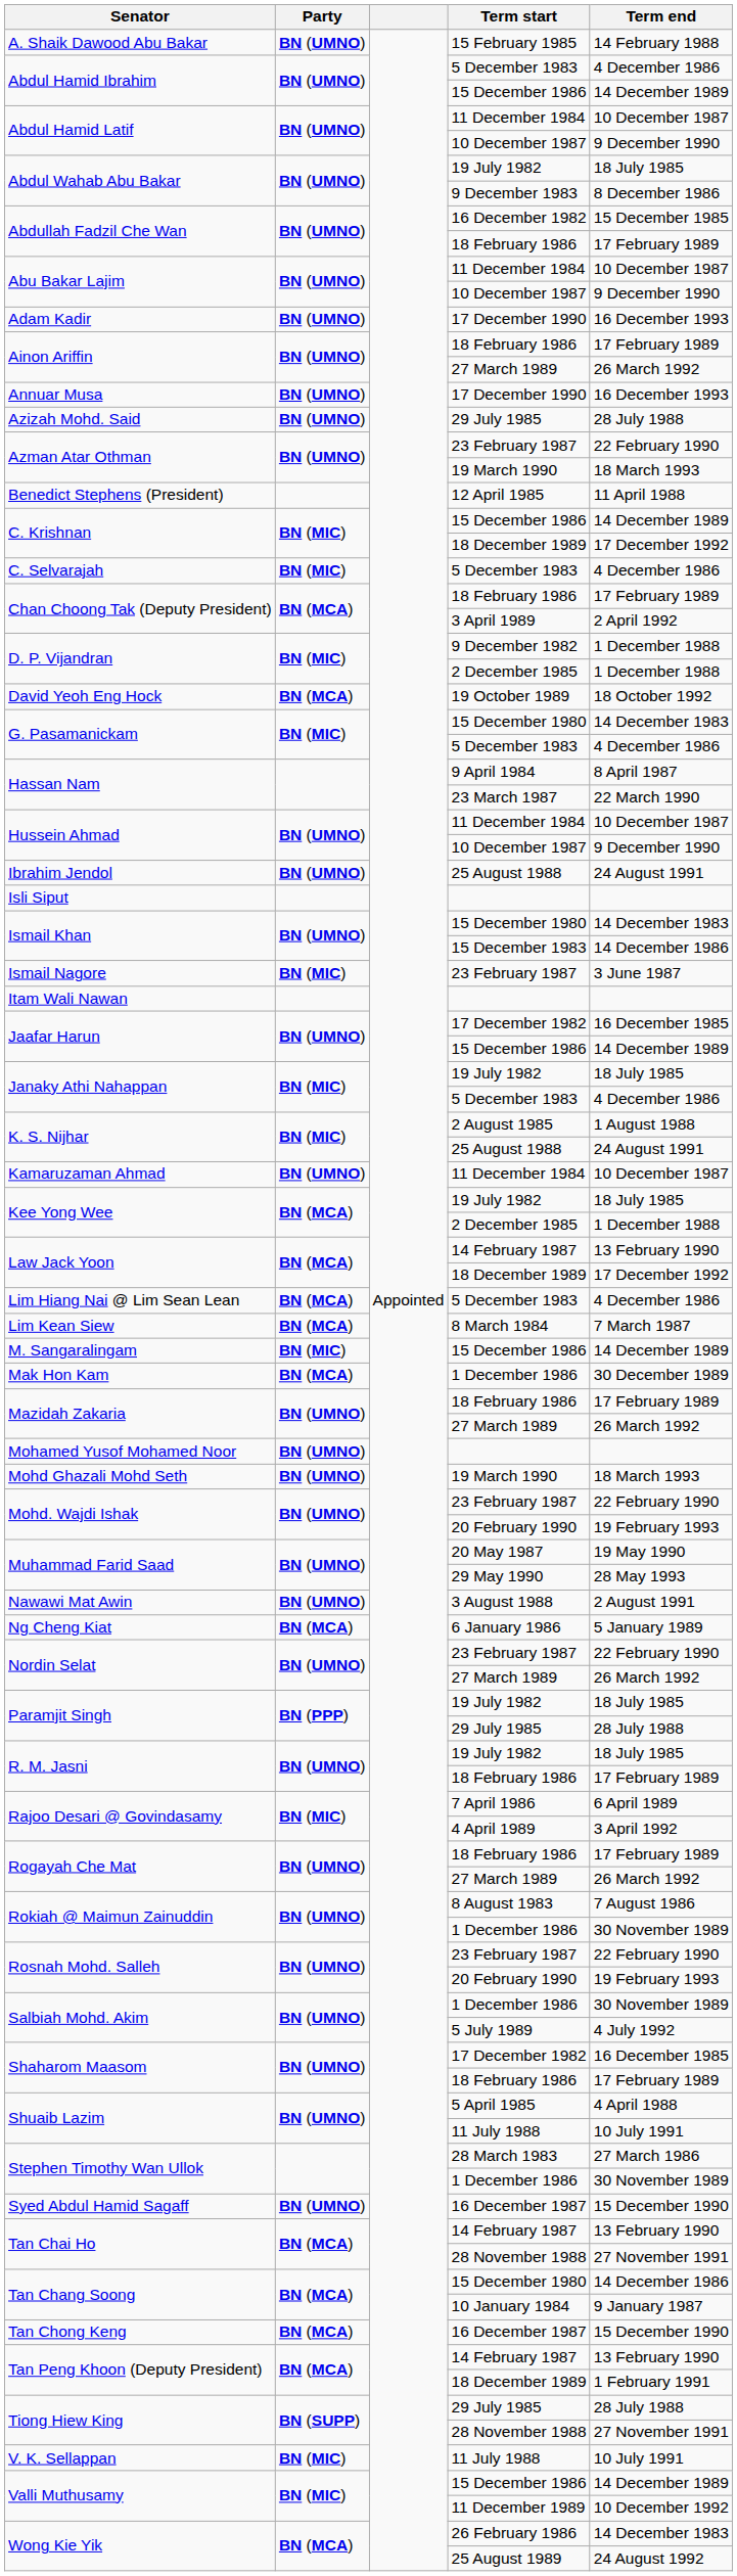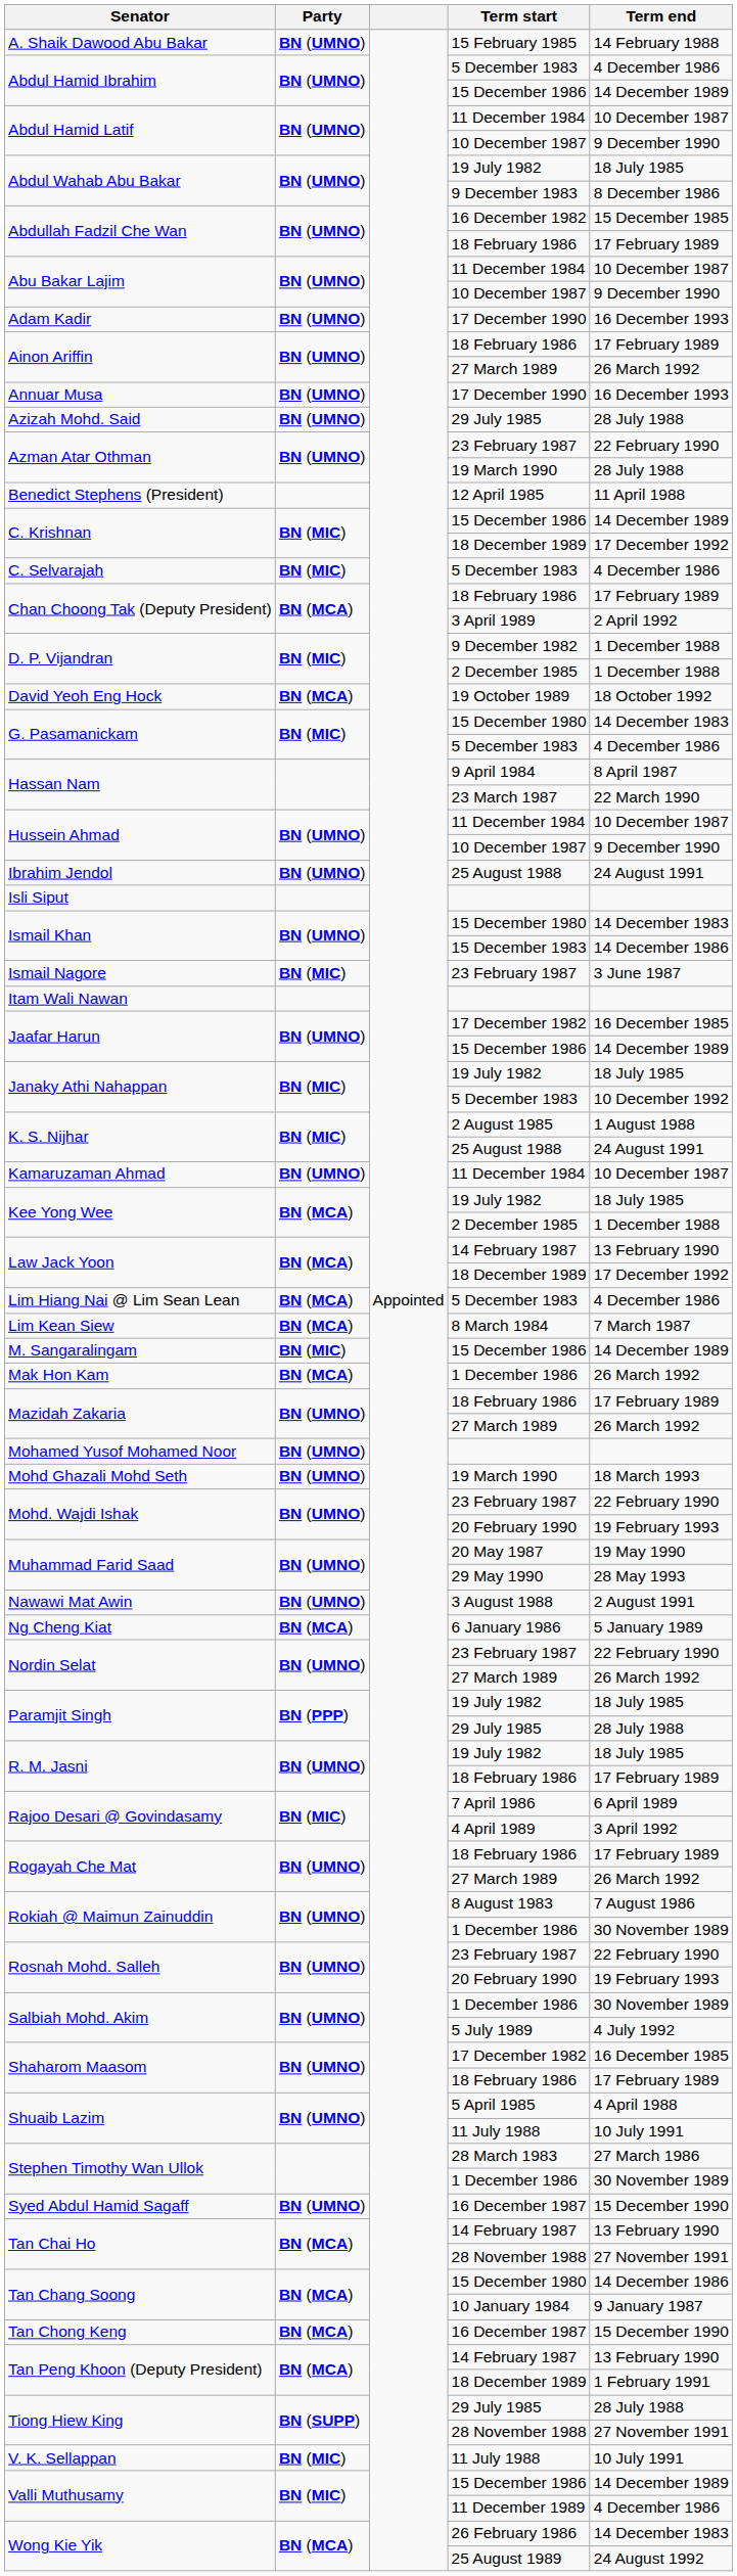 <table class="wikitable sortable">
 <tr>
 <th>Senator</th>
 <th>Party</th>
 <th></th>
 <th>Term start</th>
 <th>Term end</th>
 </tr>
 <tr>
 <td><a href='#'>A. Shaik Dawood Abu Bakar</a></td>
 <td><strong><a href='#'>BN</a></strong> (<strong><a href='#'>UMNO</a></strong>)</td>
 <td rowspan=102>Appointed</td>
 <td>15 February 1985</td>
 <td>14 February 1988</td>
 </tr>
 <tr>
 <td rowspan=2><a href='#'>Abdul Hamid Ibrahim</a></td>
 <td rowspan=2><strong><a href='#'>BN</a></strong> (<strong><a href='#'>UMNO</a></strong>)</td>
 <td>5 December 1983</td>
 <td>4 December 1986</td>
 </tr>
 <tr>
 <td>15 December 1986</td>
 <td>14 December 1989</td>
 </tr>
 <tr>
 <td rowspan=2><a href='#'>Abdul Hamid Latif</a></td>
 <td rowspan=2><strong><a href='#'>BN</a></strong> (<strong><a href='#'>UMNO</a></strong>)</td>
 <td>11 December 1984</td>
 <td>10 December 1987</td>
 </tr>
 <tr>
 <td>10 December 1987</td>
 <td>9 December 1990</td>
 </tr>
 <tr>
 <td rowspan=2><a href='#'>Abdul Wahab Abu Bakar</a></td>
 <td rowspan=2><strong><a href='#'>BN</a></strong> (<strong><a href='#'>UMNO</a></strong>)</td>
 <td>19 July 1982</td>
 <td>18 July 1985</td>
 </tr>
 <tr>
 <td>9 December 1983</td>
 <td>8 December 1986</td>
 </tr>
 <tr>
 <td rowspan=2><a href='#'>Abdullah Fadzil Che Wan</a></td>
 <td rowspan=2><strong><a href='#'>BN</a></strong> (<strong><a href='#'>UMNO</a></strong>)</td>
 <td>16 December 1982</td>
 <td>15 December 1985</td>
 </tr>
 <tr>
 <td>18 February 1986</td>
 <td>17 February 1989</td>
 </tr>
 <tr>
 <td rowspan=2><a href='#'>Abu Bakar Lajim</a></td>
 <td rowspan=2><strong><a href='#'>BN</a></strong> (<strong><a href='#'>UMNO</a></strong>)</td>
 <td>11 December 1984</td>
 <td>10 December 1987</td>
 </tr>
 <tr>
 <td>10 December 1987</td>
 <td>9 December 1990</td>
 </tr>
 <tr>
 <td><a href='#'>Adam Kadir</a></td>
 <td><strong><a href='#'>BN</a></strong> (<strong><a href='#'>UMNO</a></strong>)</td>
 <td>17 December 1990</td>
 <td>16 December 1993</td>
 </tr>
 <tr>
 <td rowspan=2><a href='#'>Ainon Ariffin</a></td>
 <td rowspan=2><strong><a href='#'>BN</a></strong> (<strong><a href='#'>UMNO</a></strong>)</td>
 <td>18 February 1986</td>
 <td>17 February 1989</td>
 </tr>
 <tr>
 <td>27 March 1989</td>
 <td>26 March 1992</td>
 </tr>
 <tr>
 <td><a href='#'>Annuar Musa</a></td>
 <td><strong><a href='#'>BN</a></strong> (<strong><a href='#'>UMNO</a></strong>)</td>
 <td>17 December 1990</td>
 <td>16 December 1993</td>
 </tr>
 <tr>
 <td><a href='#'>Azizah Mohd. Said</a></td>
 <td><strong><a href='#'>BN</a></strong> (<strong><a href='#'>UMNO</a></strong>)</td>
 <td>29 July 1985</td>
 <td>28 July 1988</td>
 </tr>
 <tr>
 <td rowspan=2><a href='#'>Azman Atar Othman</a></td>
 <td rowspan=2><strong><a href='#'>BN</a></strong> (<strong><a href='#'>UMNO</a></strong>)</td>
 <td>23 February 1987</td>
 <td>22 February 1990</td>
 </tr>
 <tr>
 <td>19 March 1990</td>
-<td>18 March 1993</td>
+<td>28 July 1988</td>
 </tr>
 <tr>
 <td><a href='#'>Benedict Stephens</a> (President)</td>
 <td></td>
 <td>12 April 1985</td>
 <td>11 April 1988</td>
 </tr>
 <tr>
 <td rowspan=2><a href='#'>C. Krishnan</a></td>
 <td rowspan=2><strong><a href='#'>BN</a></strong> (<strong><a href='#'>MIC</a></strong>)</td>
 <td>15 December 1986</td>
 <td>14 December 1989</td>
 </tr>
 <tr>
 <td>18 December 1989</td>
 <td>17 December 1992</td>
 </tr>
 <tr>
 <td><a href='#'>C. Selvarajah</a></td>
 <td><strong><a href='#'>BN</a></strong> (<strong><a href='#'>MIC</a></strong>)</td>
 <td>5 December 1983</td>
 <td>4 December 1986</td>
 </tr>
 <tr>
 <td rowspan=2><a href='#'>Chan Choong Tak</a> (Deputy President)</td>
 <td rowspan=2><strong><a href='#'>BN</a></strong> (<strong><a href='#'>MCA</a></strong>)</td>
 <td>18 February 1986</td>
 <td>17 February 1989</td>
 </tr>
 <tr>
 <td>3 April 1989</td>
 <td>2 April 1992</td>
 </tr>
 <tr>
 <td rowspan=2><a href='#'>D. P. Vijandran</a></td>
 <td rowspan=2><strong><a href='#'>BN</a></strong> (<strong><a href='#'>MIC</a></strong>)</td>
 <td>9 December 1982</td>
 <td>1 December 1988</td>
 </tr>
 <tr>
 <td>2 December 1985</td>
 <td>1 December 1988</td>
 </tr>
 <tr>
 <td><a href='#'>David Yeoh Eng Hock</a></td>
 <td><strong><a href='#'>BN</a></strong> (<strong><a href='#'>MCA</a></strong>)</td>
 <td>19 October 1989</td>
 <td>18 October 1992</td>
 </tr>
 <tr>
 <td rowspan=2><a href='#'>G. Pasamanickam</a></td>
 <td rowspan=2><strong><a href='#'>BN</a></strong> (<strong><a href='#'>MIC</a></strong>)</td>
 <td>15 December 1980</td>
 <td>14 December 1983</td>
 </tr>
 <tr>
 <td>5 December 1983</td>
 <td>4 December 1986</td>
 </tr>
 <tr>
 <td rowspan=2><a href='#'>Hassan Nam</a></td>
 <td rowspan=2></td>
 <td>9 April 1984</td>
 <td>8 April 1987</td>
 </tr>
 <tr>
 <td>23 March 1987</td>
 <td>22 March 1990</td>
 </tr>
 <tr>
 <td rowspan=2><a href='#'>Hussein Ahmad</a></td>
 <td rowspan=2><strong><a href='#'>BN</a></strong> (<strong><a href='#'>UMNO</a></strong>)</td>
 <td>11 December 1984</td>
 <td>10 December 1987</td>
 </tr>
 <tr>
 <td>10 December 1987</td>
 <td>9 December 1990</td>
 </tr>
 <tr>
 <td><a href='#'>Ibrahim Jendol</a></td>
 <td><strong><a href='#'>BN</a></strong> (<strong><a href='#'>UMNO</a></strong>)</td>
 <td>25 August 1988</td>
 <td>24 August 1991</td>
 </tr>
 <tr>
 <td><a href='#'>Isli Siput</a></td>
 <td></td>
 <td></td>
 <td></td>
 </tr>
 <tr>
 <td rowspan=2><a href='#'>Ismail Khan</a></td>
 <td rowspan=2><strong><a href='#'>BN</a></strong> (<strong><a href='#'>UMNO</a></strong>)</td>
 <td>15 December 1980</td>
 <td>14 December 1983</td>
 </tr>
 <tr>
 <td>15 December 1983</td>
 <td>14 December 1986</td>
 </tr>
 <tr>
 <td><a href='#'>Ismail Nagore</a></td>
 <td><strong><a href='#'>BN</a></strong> (<strong><a href='#'>MIC</a></strong>)</td>
 <td>23 February 1987</td>
 <td>3 June 1987</td>
 </tr>
 <tr>
 <td><a href='#'>Itam Wali Nawan</a></td>
 <td></td>
 <td></td>
 <td></td>
 </tr>
 <tr>
 <td rowspan=2><a href='#'>Jaafar Harun</a></td>
 <td rowspan=2><strong><a href='#'>BN</a></strong> (<strong><a href='#'>UMNO</a></strong>)</td>
 <td>17 December 1982</td>
 <td>16 December 1985</td>
 </tr>
 <tr>
 <td>15 December 1986</td>
 <td>14 December 1989</td>
 </tr>
 <tr>
 <td rowspan=2><a href='#'>Janaky Athi Nahappan</a></td>
 <td rowspan=2><strong><a href='#'>BN</a></strong> (<strong><a href='#'>MIC</a></strong>)</td>
 <td>19 July 1982</td>
 <td>18 July 1985</td>
 </tr>
 <tr>
 <td>5 December 1983</td>
-<td>4 December 1986</td>
+<td>10 December 1992</td>
 </tr>
 <tr>
 <td rowspan=2><a href='#'>K. S. Nijhar</a></td>
 <td rowspan=2><strong><a href='#'>BN</a></strong> (<strong><a href='#'>MIC</a></strong>)</td>
 <td>2 August 1985</td>
 <td>1 August 1988</td>
 </tr>
 <tr>
 <td>25 August 1988</td>
 <td>24 August 1991</td>
 </tr>
 <tr>
 <td><a href='#'>Kamaruzaman Ahmad</a></td>
 <td><strong><a href='#'>BN</a></strong> (<strong><a href='#'>UMNO</a></strong>)</td>
 <td>11 December 1984</td>
 <td>10 December 1987</td>
 </tr>
 <tr>
 <td rowspan=2><a href='#'>Kee Yong Wee</a></td>
 <td rowspan=2><strong><a href='#'>BN</a></strong> (<strong><a href='#'>MCA</a></strong>)</td>
 <td>19 July 1982</td>
 <td>18 July 1985</td>
 </tr>
 <tr>
 <td>2 December 1985</td>
 <td>1 December 1988</td>
 </tr>
 <tr>
 <td rowspan=2><a href='#'>Law Jack Yoon</a></td>
 <td rowspan=2><strong><a href='#'>BN</a></strong> (<strong><a href='#'>MCA</a></strong>)</td>
 <td>14 February 1987</td>
 <td>13 February 1990</td>
 </tr>
 <tr>
 <td>18 December 1989</td>
 <td>17 December 1992</td>
 </tr>
 <tr>
 <td><a href='#'>Lim Hiang Nai</a> @ Lim Sean Lean</td>
 <td><strong><a href='#'>BN</a></strong> (<strong><a href='#'>MCA</a></strong>)</td>
 <td>5 December 1983</td>
 <td>4 December 1986</td>
 </tr>
 <tr>
 <td><a href='#'>Lim Kean Siew</a></td>
 <td><strong><a href='#'>BN</a></strong> (<strong><a href='#'>MCA</a></strong>)</td>
 <td>8 March 1984</td>
 <td>7 March 1987</td>
 </tr>
 <tr>
 <td><a href='#'>M. Sangaralingam</a></td>
 <td><strong><a href='#'>BN</a></strong> (<strong><a href='#'>MIC</a></strong>)</td>
 <td>15 December 1986</td>
 <td>14 December 1989</td>
 </tr>
 <tr>
 <td><a href='#'>Mak Hon Kam</a></td>
 <td><strong><a href='#'>BN</a></strong> (<strong><a href='#'>MCA</a></strong>)</td>
 <td>1 December 1986</td>
-<td>30 December 1989</td>
+<td>26 March 1992</td>
 </tr>
 <tr>
 <td rowspan=2><a href='#'>Mazidah Zakaria</a></td>
 <td rowspan=2><strong><a href='#'>BN</a></strong> (<strong><a href='#'>UMNO</a></strong>)</td>
 <td>18 February 1986</td>
 <td>17 February 1989</td>
 </tr>
 <tr>
 <td>27 March 1989</td>
 <td>26 March 1992</td>
 </tr>
 <tr>
 <td><a href='#'>Mohamed Yusof Mohamed Noor</a></td>
 <td><strong><a href='#'>BN</a></strong> (<strong><a href='#'>UMNO</a></strong>)</td>
 <td></td>
 <td></td>
 </tr>
 <tr>
 <td><a href='#'>Mohd Ghazali Mohd Seth</a></td>
 <td><strong><a href='#'>BN</a></strong> (<strong><a href='#'>UMNO</a></strong>)</td>
 <td>19 March 1990</td>
 <td>18 March 1993</td>
 </tr>
 <tr>
 <td rowspan=2><a href='#'>Mohd. Wajdi Ishak</a></td>
 <td rowspan=2><strong><a href='#'>BN</a></strong> (<strong><a href='#'>UMNO</a></strong>)</td>
 <td>23 February 1987</td>
 <td>22 February 1990</td>
 </tr>
 <tr>
 <td>20 February 1990</td>
 <td>19 February 1993</td>
 </tr>
 <tr>
 <td rowspan=2><a href='#'>Muhammad Farid Saad</a></td>
 <td rowspan=2><strong><a href='#'>BN</a></strong> (<strong><a href='#'>UMNO</a></strong>)</td>
 <td>20 May 1987</td>
 <td>19 May 1990</td>
 </tr>
 <tr>
 <td>29 May 1990</td>
 <td>28 May 1993</td>
 </tr>
 <tr>
 <td><a href='#'>Nawawi Mat Awin</a></td>
 <td><strong><a href='#'>BN</a></strong> (<strong><a href='#'>UMNO</a></strong>)</td>
 <td>3 August 1988</td>
 <td>2 August 1991</td>
 </tr>
 <tr>
 <td><a href='#'>Ng Cheng Kiat</a></td>
 <td><strong><a href='#'>BN</a></strong> (<strong><a href='#'>MCA</a></strong>)</td>
 <td>6 January 1986</td>
 <td>5 January 1989</td>
 </tr>
 <tr>
 <td rowspan=2><a href='#'>Nordin Selat</a></td>
 <td rowspan=2><strong><a href='#'>BN</a></strong> (<strong><a href='#'>UMNO</a></strong>)</td>
 <td>23 February 1987</td>
 <td>22 February 1990</td>
 </tr>
 <tr>
 <td>27 March 1989</td>
 <td>26 March 1992</td>
 </tr>
 <tr>
 <td rowspan=2><a href='#'>Paramjit Singh</a></td>
 <td rowspan=2><strong><a href='#'>BN</a></strong> (<strong><a href='#'>PPP</a></strong>)</td>
 <td>19 July 1982</td>
 <td>18 July 1985</td>
 </tr>
 <tr>
 <td>29 July 1985</td>
 <td>28 July 1988</td>
 </tr>
 <tr>
 <td rowspan=2><a href='#'>R. M. Jasni</a></td>
 <td rowspan=2><strong><a href='#'>BN</a></strong> (<strong><a href='#'>UMNO</a></strong>)</td>
 <td>19 July 1982</td>
 <td>18 July 1985</td>
 </tr>
 <tr>
 <td>18 February 1986</td>
 <td>17 February 1989</td>
 </tr>
 <tr>
 <td rowspan=2><a href='#'>Rajoo Desari @ Govindasamy</a></td>
 <td rowspan=2><strong><a href='#'>BN</a></strong> (<strong><a href='#'>MIC</a></strong>)</td>
 <td>7 April 1986</td>
 <td>6 April 1989</td>
 </tr>
 <tr>
 <td>4 April 1989</td>
 <td>3 April 1992</td>
 </tr>
 <tr>
 <td rowspan=2><a href='#'>Rogayah Che Mat</a></td>
 <td rowspan=2><strong><a href='#'>BN</a></strong> (<strong><a href='#'>UMNO</a></strong>)</td>
 <td>18 February 1986</td>
 <td>17 February 1989</td>
 </tr>
 <tr>
 <td>27 March 1989</td>
 <td>26 March 1992</td>
 </tr>
 <tr>
 <td rowspan=2><a href='#'>Rokiah @ Maimun Zainuddin</a></td>
 <td rowspan=2><strong><a href='#'>BN</a></strong> (<strong><a href='#'>UMNO</a></strong>)</td>
 <td>8 August 1983</td>
 <td>7 August 1986</td>
 </tr>
 <tr>
 <td>1 December 1986</td>
 <td>30 November 1989</td>
 </tr>
 <tr>
 <td rowspan=2><a href='#'>Rosnah Mohd. Salleh</a></td>
 <td rowspan=2><strong><a href='#'>BN</a></strong> (<strong><a href='#'>UMNO</a></strong>)</td>
 <td>23 February 1987</td>
 <td>22 February 1990</td>
 </tr>
 <tr>
 <td>20 February 1990</td>
 <td>19 February 1993</td>
 </tr>
 <tr>
 <td rowspan=2><a href='#'>Salbiah Mohd. Akim</a></td>
 <td rowspan=2><strong><a href='#'>BN</a></strong> (<strong><a href='#'>UMNO</a></strong>)</td>
 <td>1 December 1986</td>
 <td>30 November 1989</td>
 </tr>
 <tr>
 <td>5 July 1989</td>
 <td>4 July 1992</td>
 </tr>
 <tr>
 <td rowspan=2><a href='#'>Shaharom Maasom</a></td>
 <td rowspan=2><strong><a href='#'>BN</a></strong> (<strong><a href='#'>UMNO</a></strong>)</td>
 <td>17 December 1982</td>
 <td>16 December 1985</td>
 </tr>
 <tr>
 <td>18 February 1986</td>
 <td>17 February 1989</td>
 </tr>
 <tr>
 <td rowspan=2><a href='#'>Shuaib Lazim</a></td>
 <td rowspan=2><strong><a href='#'>BN</a></strong> (<strong><a href='#'>UMNO</a></strong>)</td>
 <td>5 April 1985</td>
 <td>4 April 1988</td>
 </tr>
 <tr>
 <td>11 July 1988</td>
 <td>10 July 1991</td>
 </tr>
 <tr>
 <td rowspan=2><a href='#'>Stephen Timothy Wan Ullok</a></td>
 <td rowspan=2></td>
 <td>28 March 1983</td>
 <td>27 March 1986</td>
 </tr>
 <tr>
 <td>1 December 1986</td>
 <td>30 November 1989</td>
 </tr>
 <tr>
 <td><a href='#'>Syed Abdul Hamid Sagaff</a></td>
 <td><strong><a href='#'>BN</a></strong> (<strong><a href='#'>UMNO</a></strong>)</td>
 <td>16 December 1987</td>
 <td>15 December 1990</td>
 </tr>
 <tr>
 <td rowspan=2><a href='#'>Tan Chai Ho</a></td>
 <td rowspan=2><strong><a href='#'>BN</a></strong> (<strong><a href='#'>MCA</a></strong>)</td>
 <td>14 February 1987</td>
 <td>13 February 1990</td>
 </tr>
 <tr>
 <td>28 November 1988</td>
 <td>27 November 1991</td>
 </tr>
 <tr>
 <td rowspan=2><a href='#'>Tan Chang Soong</a></td>
 <td rowspan=2><strong><a href='#'>BN</a></strong> (<strong><a href='#'>MCA</a></strong>)</td>
 <td>15 December 1980</td>
 <td>14 December 1986</td>
 </tr>
 <tr>
 <td>10 January 1984</td>
 <td>9 January 1987</td>
 </tr>
 <tr>
 <td><a href='#'>Tan Chong Keng</a></td>
 <td><strong><a href='#'>BN</a></strong> (<strong><a href='#'>MCA</a></strong>)</td>
 <td>16 December 1987</td>
 <td>15 December 1990</td>
 </tr>
 <tr>
 <td rowspan=2><a href='#'>Tan Peng Khoon</a> (Deputy President)</td>
 <td rowspan=2><strong><a href='#'>BN</a></strong> (<strong><a href='#'>MCA</a></strong>)</td>
 <td>14 February 1987</td>
 <td>13 February 1990</td>
 </tr>
 <tr>
 <td>18 December 1989</td>
 <td>1 February 1991</td>
 </tr>
 <tr>
 <td rowspan=2><a href='#'>Tiong Hiew King</a></td>
 <td rowspan=2><strong><a href='#'>BN</a></strong> (<strong><a href='#'>SUPP</a></strong>)</td>
 <td>29 July 1985</td>
 <td>28 July 1988</td>
 </tr>
 <tr>
 <td>28 November 1988</td>
 <td>27 November 1991</td>
 </tr>
 <tr>
 <td><a href='#'>V. K. Sellappan</a></td>
 <td><strong><a href='#'>BN</a></strong> (<strong><a href='#'>MIC</a></strong>)</td>
 <td>11 July 1988</td>
 <td>10 July 1991</td>
 </tr>
 <tr>
 <td rowspan=2><a href='#'>Valli Muthusamy</a></td>
 <td rowspan=2><strong><a href='#'>BN</a></strong> (<strong><a href='#'>MIC</a></strong>)</td>
 <td>15 December 1986</td>
 <td>14 December 1989</td>
 </tr>
 <tr>
 <td>11 December 1989</td>
-<td>10 December 1992</td>
+<td>4 December 1986</td>
 </tr>
 <tr>
 <td rowspan=2><a href='#'>Wong Kie Yik</a></td>
 <td rowspan=2><strong><a href='#'>BN</a></strong> (<strong><a href='#'>MCA</a></strong>)</td>
 <td>26 February 1986</td>
 <td>14 December 1983</td>
 </tr>
 <tr>
 <td>25 August 1989</td>
 <td>24 August 1992</td>
 </tr>
 </table>
